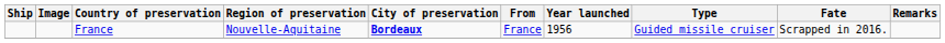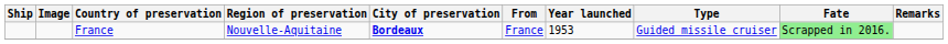 <table class="wikitable sortable">
 <tr>
 <th>Ship</th>
 <th>Image</th>
 <th>Country of preservation</th>
 <th>Region of preservation</th>
 <th>City of preservation</th>
 <th>From</th>
 <th>Year launched</th>
 <th>Type</th>
 <th>Fate</th>
 <th>Remarks</th>
 </tr>
 <tr>
 <td></td>
 <td></td>
 <td><a href='#'>France</a></td>
 <td><a href='#'>Nouvelle-Aquitaine</a></td>
 <td><strong><a href='#'>Bordeaux</a></strong></td>
 <td><a href='#'>France</a><br></td>
-<td>1956</td>
+<td>1953</td>
 <td><a href='#'>Guided missile cruiser</a></td>
-<td>Scrapped in 2016.</td>
+<td style="background: lightgreen;">Scrapped in 2016.</td>
 <td></td>
 </tr>
 <tr>
 </tr>
 </table>
